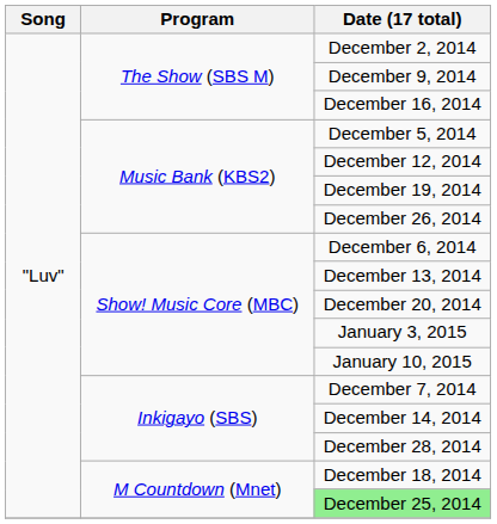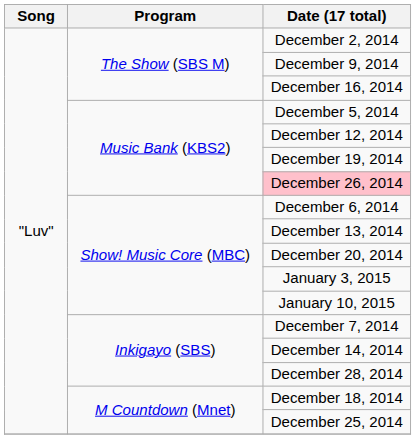 <table class="wikitable" style="text-align:center">
 <tr>
 <th width="60">Song</th>
 <th width="200">Program</th>
 <th width="150">Date (17 total)</th>
 </tr>
 <tr>
 <td rowspan="17">"Luv"</td>
 <td rowspan="3"><em><a href='#'>The Show</a></em> (<a href='#'>SBS M</a>)</td>
 <td>December 2, 2014</td>
 </tr>
 <tr>
 <td>December 9, 2014</td>
 </tr>
 <tr>
 <td>December 16, 2014</td>
 </tr>
 <tr>
 <td rowspan="4"><em><a href='#'>Music Bank</a></em> (<a href='#'>KBS2</a>)</td>
 <td>December 5, 2014</td>
 </tr>
 <tr>
 <td>December 12, 2014</td>
 </tr>
 <tr>
 <td>December 19, 2014</td>
 </tr>
 <tr>
-<td>December 26, 2014</td>
+<td style="background: pink;">December 26, 2014</td>
 </tr>
 <tr>
 <td rowspan="5"><em><a href='#'>Show! Music Core</a></em> (<a href='#'>MBC</a>)</td>
 <td>December 6, 2014</td>
 </tr>
 <tr>
 <td>December 13, 2014</td>
 </tr>
 <tr>
 <td>December 20, 2014</td>
 </tr>
 <tr>
 <td>January 3, 2015</td>
 </tr>
 <tr>
 <td>January 10, 2015</td>
 </tr>
 <tr>
 <td rowspan="3"><em><a href='#'>Inkigayo</a></em> (<a href='#'>SBS</a>)</td>
 <td>December 7, 2014</td>
 </tr>
 <tr>
 <td>December 14, 2014</td>
 </tr>
 <tr>
 <td>December 28, 2014</td>
 </tr>
 <tr>
 <td rowspan="2"><em><a href='#'>M Countdown</a></em> (<a href='#'>Mnet</a>)</td>
 <td>December 18, 2014</td>
 </tr>
 <tr>
-<td style="background: lightgreen;">December 25, 2014</td>
+<td>December 25, 2014</td>
 </tr>
 <tr>
 </tr>
 </table>
